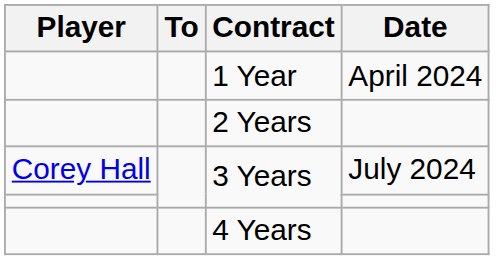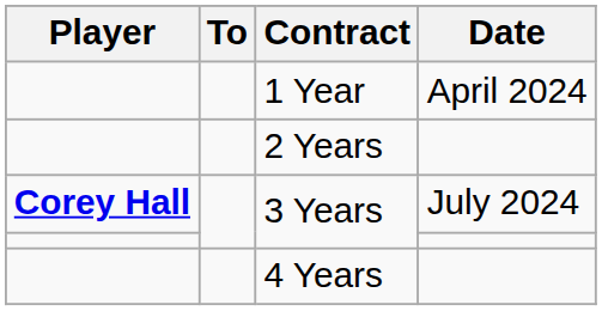 <table class="wikitable">
 <tr>
 <th>Player</th>
 <th>To</th>
 <th>Contract</th>
 <th>Date</th>
 </tr>
 <tr>
 <td></td>
 <td></td>
 <td>1 Year</td>
 <td>April 2024</td>
 </tr>
 <tr>
 <td></td>
 <td></td>
 <td>2 Years</td>
 <td></td>
 </tr>
 <tr>
-<td> <a href='#'>Corey Hall</a></td>
+<td><strong> <a href='#'>Corey Hall</a></strong></td>
 <td Rowspan=2></td>
 <td Rowspan=2>3 Years</td>
 <td>July 2024</td>
 </tr>
 <tr>
 <td></td>
 <td></td>
 </tr>
 <tr>
 <td></td>
 <td></td>
 <td>4 Years</td>
 <td></td>
 </tr>
 </table>
